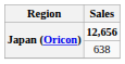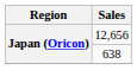 <table class="wikitable plainrowheaders" style="text-align:center;">
 <tr>
 <th>Region</th>
 <th>Sales</th>
 </tr>
 <tr>
 <th scope=row rowspan="2">Japan (<a href='#'>Oricon</a>)</th>
-<td><strong>12,656 </strong></td>
+<td>12,656 </td>
 </tr>
 <tr>
 <td>638 </td>
 </tr>
 <tr>
 </tr>
 </table>
